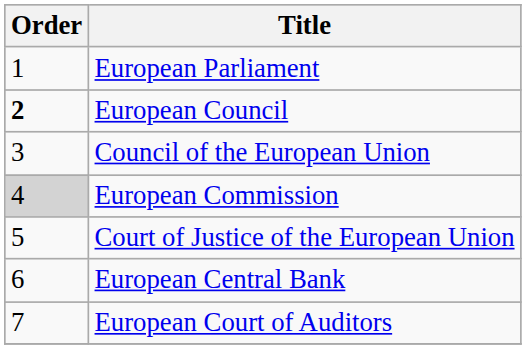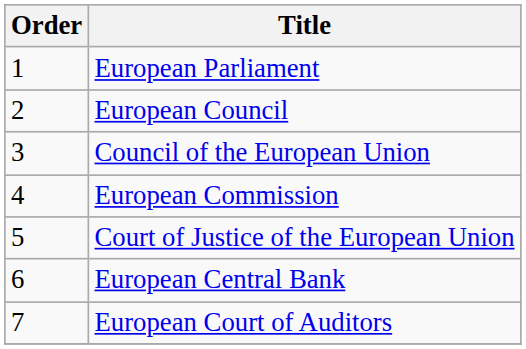 <table class="wikitable">
 <tr>
 <th>Order</th>
 <th>Title</th>
 </tr>
 <tr>
 <td>1</td>
 <td><a href='#'>European Parliament</a></td>
 </tr>
 <tr>
-<td><strong>2</strong></td>
+<td>2</td>
 <td><a href='#'>European Council</a></td>
 </tr>
 <tr>
 <td>3</td>
 <td><a href='#'>Council of the European Union</a></td>
 </tr>
 <tr>
-<td style="background: lightgrey;">4</td>
+<td>4</td>
 <td><a href='#'>European Commission</a></td>
 </tr>
 <tr>
 <td>5</td>
 <td><a href='#'>Court of Justice of the European Union</a></td>
 </tr>
 <tr>
 <td>6</td>
 <td><a href='#'>European Central Bank</a></td>
 </tr>
 <tr>
 <td>7</td>
 <td><a href='#'>European Court of Auditors</a></td>
 </tr>
 <tr>
 </tr>
 </table>
